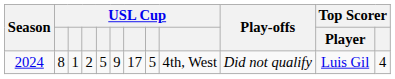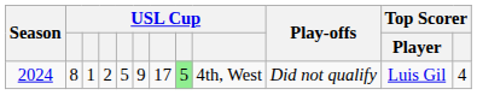 <table class="wikitable" style="text-align: center">
 <tr>
 <th rowspan="2" scope="col">Season</th>
 <th colspan="8" class="unsortable"><a href='#'>USL Cup</a></th>
 <th rowspan="2" class="unsortable" scope="col">Play-offs</th>
 <th colspan="2" class="unsortable" scope="col">Top Scorer</th>
 </tr>
 <tr>
 <th></th>
 <th></th>
 <th></th>
 <th></th>
 <th></th>
 <th></th>
 <th></th>
 <th></th>
 <th class="unsortable">Player</th>
 <th class="unsortable"></th>
 </tr>
 <tr>
 <td><a href='#'>2024</a></td>
 <td>8</td>
 <td>1</td>
 <td>2</td>
 <td>5</td>
 <td>9</td>
 <td>17</td>
-<td>5</td>
+<td style="background: lightgreen;">5</td>
 <td>4th, West</td>
 <td><em>Did not qualify</em></td>
 <td> <a href='#'>Luis Gil</a></td>
 <td>4</td>
 </tr>
 </table>
